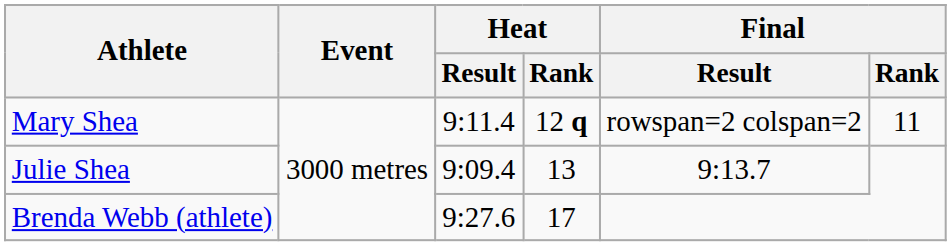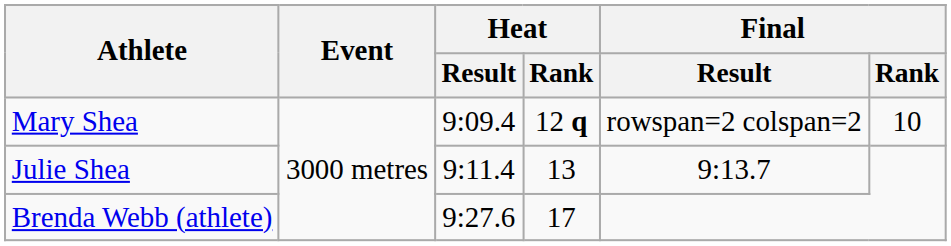 <table class=wikitable style=font-size:90%>
 <tr>
 <th rowspan=2>Athlete</th>
 <th rowspan=2>Event</th>
 <th colspan=2>Heat</th>
 <th colspan=2>Final</th>
 </tr>
 <tr style=font-size:95%>
 <th>Result</th>
 <th>Rank</th>
 <th>Result</th>
 <th>Rank</th>
 </tr>
 <tr align=center>
 <td align=left><a href='#'>Mary Shea</a></td>
 <td align=left rowspan=4>3000 metres</td>
-<td>9:11.4</td>
+<td>9:09.4</td>
 <td>12 <strong>q</strong></td>
 <td>rowspan=2 colspan=2 </td>
-<td>11</td>
+<td>10</td>
 </tr>
 <tr align=center>
 <td align=left><a href='#'>Julie Shea</a></td>
-<td>9:09.4</td>
+<td>9:11.4</td>
 <td>13</td>
 <td>9:13.7</td>
 </tr>
 <tr align=center>
 <td align=left><a href='#'>Brenda Webb (athlete)</a></td>
 <td>9:27.6</td>
 <td>17</td>
 </tr>
 </table>
